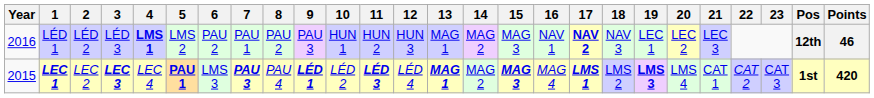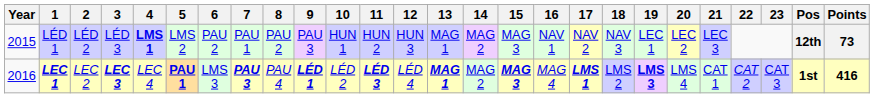 <table class="wikitable" style="text-align:center; font-size:85%">
 <tr>
 <th>Year</th>
 <th>1</th>
 <th>2</th>
 <th>3</th>
 <th>4</th>
 <th>5</th>
 <th>6</th>
 <th>7</th>
 <th>8</th>
 <th>9</th>
 <th>10</th>
 <th>11</th>
 <th>12</th>
 <th>13</th>
 <th>14</th>
 <th>15</th>
 <th>16</th>
 <th>17</th>
 <th>18</th>
 <th>19</th>
 <th>20</th>
 <th>21</th>
 <th>22</th>
 <th>23</th>
 <th>Pos</th>
 <th>Points</th>
 </tr>
 <tr>
-<td><a href='#'>2016</a></td>
+<td><a href='#'>2015</a></td>
 <td style="background:#CFCFFF;"><a href='#'>LÉD<br>1</a><br></td>
 <td style="background:#CFCFFF;"><a href='#'>LÉD<br>2</a><br></td>
 <td style="background:#CFCFFF;"><a href='#'>LÉD<br>3</a><br></td>
 <td style="background:#CFCFFF;"><strong><a href='#'>LMS<br>1</a><br></strong></td>
 <td style="background:#DFFFDF;"><a href='#'>LMS<br>2</a><br></td>
 <td style="background:#DFFFDF;"><a href='#'>PAU<br>2</a><br></td>
 <td style="background:#DFFFDF;"><a href='#'>PAU<br>1</a><br></td>
 <td style="background:#DFFFDF;"><a href='#'>PAU<br>2</a><br></td>
 <td style="background:#EFCFFF;"><a href='#'>PAU<br>3</a><br></td>
 <td style="background:#CFCFFF;"><a href='#'>HUN<br>1</a><br></td>
 <td style="background:#CFCFFF;"><a href='#'>HUN<br>2</a><br></td>
 <td style="background:#CFCFFF;"><a href='#'>HUN<br>3</a><br></td>
 <td style="background:#CFCFFF;"><a href='#'>MAG<br>1</a><br></td>
 <td style="background:#EFCFFF;"><a href='#'>MAG<br>2</a><br></td>
 <td style="background:#DFFFDF;"><a href='#'>MAG<br>3</a><br></td>
 <td style="background:#DFFFDF;"><a href='#'>NAV<br>1</a><br></td>
-<td style="background:#FFFFBF;"><strong><a href='#'>NAV<br>2</a><br></strong></td>
+<td style="background:#FFFFBF;"><a href='#'>NAV<br>2</a><br></td>
 <td style="background:#DFFFDF;"><a href='#'>NAV<br>3</a><br></td>
 <td style="background:#DFFFDF;"><a href='#'>LEC<br>1</a><br></td>
 <td style="background:#FFFFBF;"><a href='#'>LEC<br>2</a><br></td>
 <td style="background:#CFCFFF;"><a href='#'>LEC<br>3</a><br></td>
 <td colspan=2></td>
 <th>12th</th>
-<th>46</th>
+<th>73</th>
 </tr>
 <tr>
-<td><a href='#'>2015</a></td>
+<td><a href='#'>2016</a></td>
 <td style="background:#FFFFBF;"><strong><em><a href='#'>LEC<br>1</a></em></strong><br></td>
 <td style="background:#FFFFBF;"><em><a href='#'>LEC<br>2</a></em><br></td>
 <td style="background:#FFFFBF;"><strong><em><a href='#'>LEC<br>3</a></em></strong><br></td>
 <td style="background:#FFFFBF;"><em><a href='#'>LEC<br>4</a></em><br></td>
 <td style="background:#FFDF9F;"><strong><a href='#'>PAU<br>1</a></strong><br></td>
 <td style="background:#DFFFDF;"><a href='#'>LMS<br>3</a><br></td>
 <td style="background:#FFFFBF;"><strong><em><a href='#'>PAU<br>3</a></em></strong><br></td>
 <td style="background:#FFFFBF;"><em><a href='#'>PAU<br>4</a></em><br></td>
 <td style="background:#FFFFBF;"><strong><em><a href='#'>LÉD<br>1</a></em></strong><br></td>
 <td style="background:#FFFFBF;"><em><a href='#'>LÉD<br>2</a></em><br></td>
 <td style="background:#FFFFBF;"><strong><em><a href='#'>LÉD<br>3</a></em></strong><br></td>
 <td style="background:#FFFFBF;"><em><a href='#'>LÉD<br>4</a></em><br></td>
 <td style="background:#FFFFBF;"><strong><em><a href='#'>MAG<br>1</a></em></strong><br></td>
 <td style="background:#DFFFDF;"><a href='#'>MAG<br>2</a><br></td>
 <td style="background:#FFFFBF;"><strong><em><a href='#'>MAG<br>3</a></em></strong><br></td>
 <td style="background:#FFFFBF;"><em><a href='#'>MAG<br>4</a></em><br></td>
 <td style="background:#FFFFBF;"><strong><em><a href='#'>LMS<br>1</a></em></strong><br></td>
 <td style="background:#CFCFFF;"><a href='#'>LMS<br>2</a><br></td>
 <td style="background:#EFCFFF;"><strong><a href='#'>LMS<br>3</a></strong><br></td>
 <td style="background:#DFFFDF;"><a href='#'>LMS<br>4</a><br></td>
 <td style="background:#DFFFDF;"><a href='#'>CAT<br>1</a><br></td>
 <td style="background:#CFCFFF;"><em><a href='#'>CAT<br>2</a></em><br></td>
 <td style="background:#CFCFFF;"><a href='#'>CAT<br>3</a><br></td>
 <th style="background:#FFFFBF;">1st</th>
-<th style="background:#FFFFBF;">420</th>
+<th style="background:#FFFFBF;">416</th>
 </tr>
 </table>
